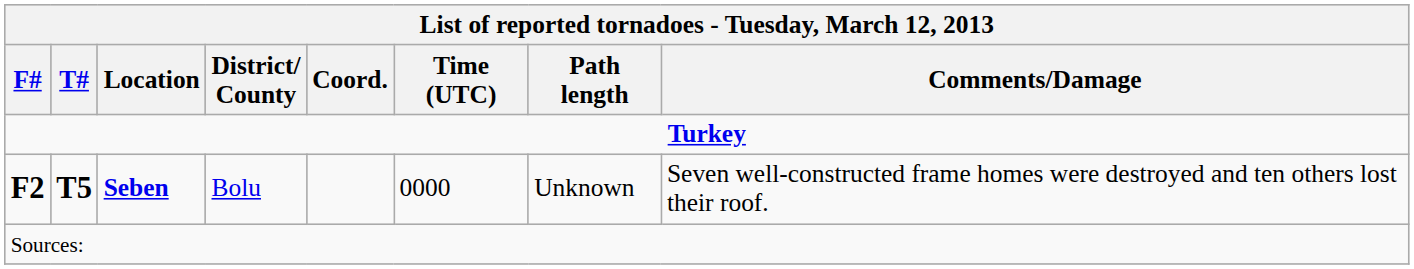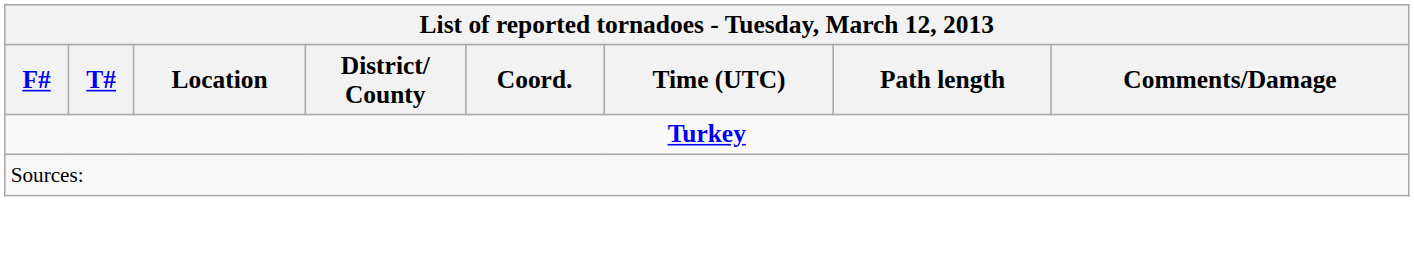 <table class="wikitable collapsible" width="100%">
 <tr>
 <th colspan="8">List of reported tornadoes - Tuesday, March 12, 2013</th>
 </tr>
 <tr>
 <th><a href='#'>F#</a></th>
 <th><a href='#'>T#</a></th>
 <th>Location</th>
 <th>District/<br>County</th>
 <th>Coord.</th>
 <th>Time (UTC)</th>
 <th>Path length</th>
 <th>Comments/Damage</th>
 </tr>
 <tr>
 <td colspan="8" align=center><strong><a href='#'>Turkey</a></strong></td>
 </tr>
 <tr>
-<td><big><strong>F2</strong></big></td>
-<td><big><strong>T5</strong></big></td>
-<td><strong><a href='#'>Seben</a></strong></td>
-<td><a href='#'>Bolu</a></td>
-<td></td>
-<td>0000</td>
-<td>Unknown</td>
-<td>Seven well-constructed frame homes were destroyed and ten others lost their roof.</td>
-</tr>
-<tr>
 <td colspan="8"><small>Sources:  </small></td>
 </tr>
 </table>
